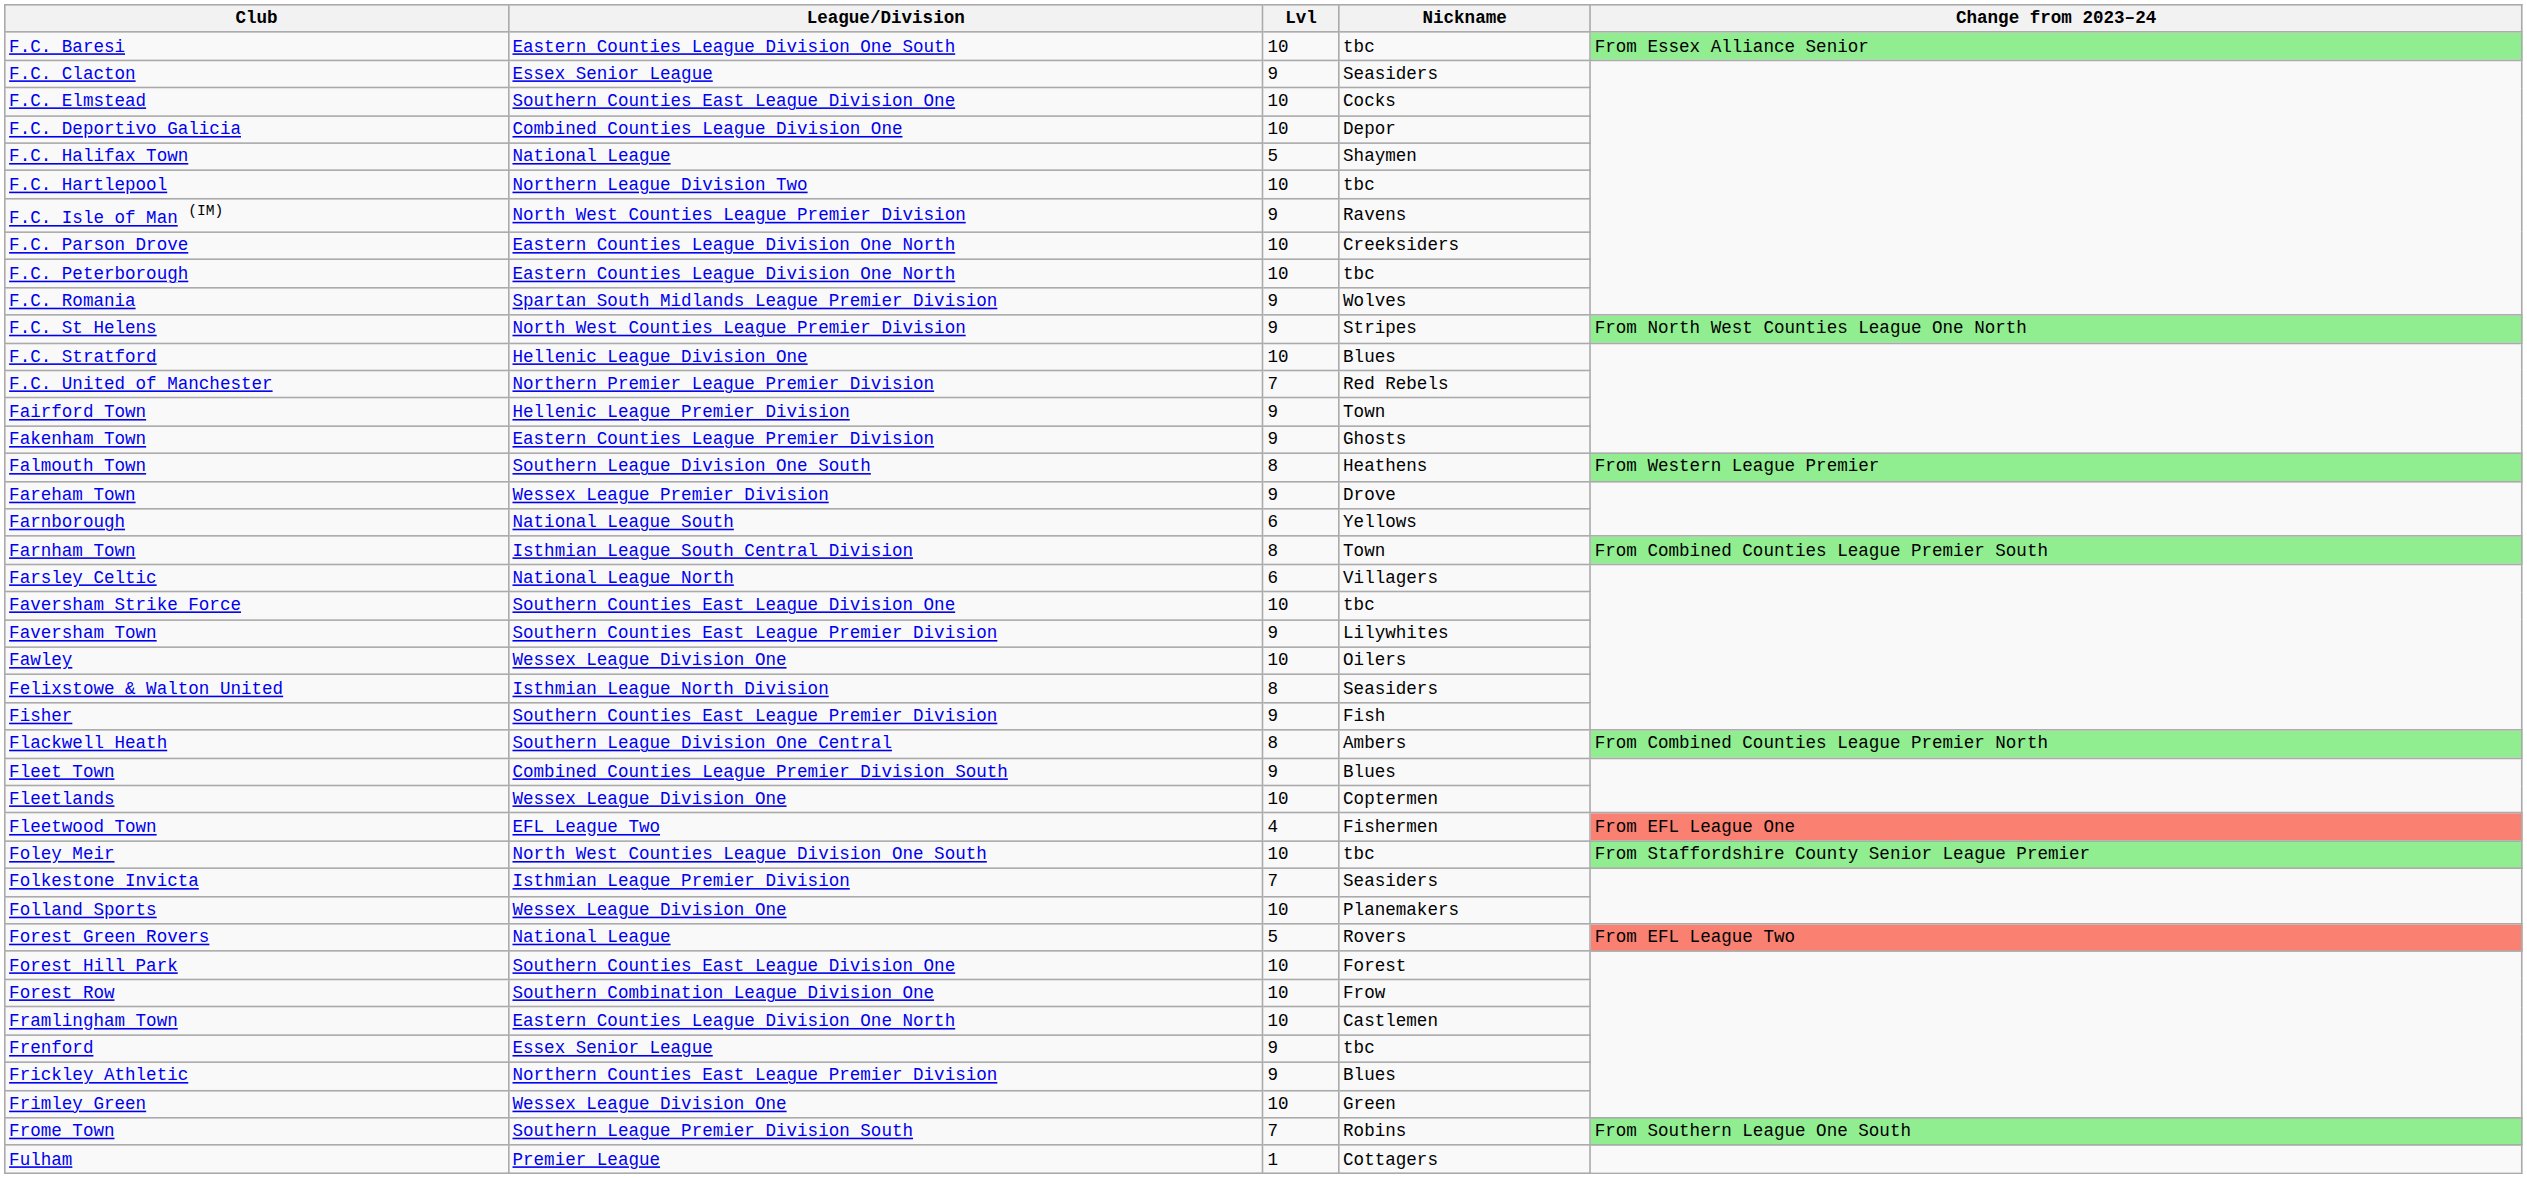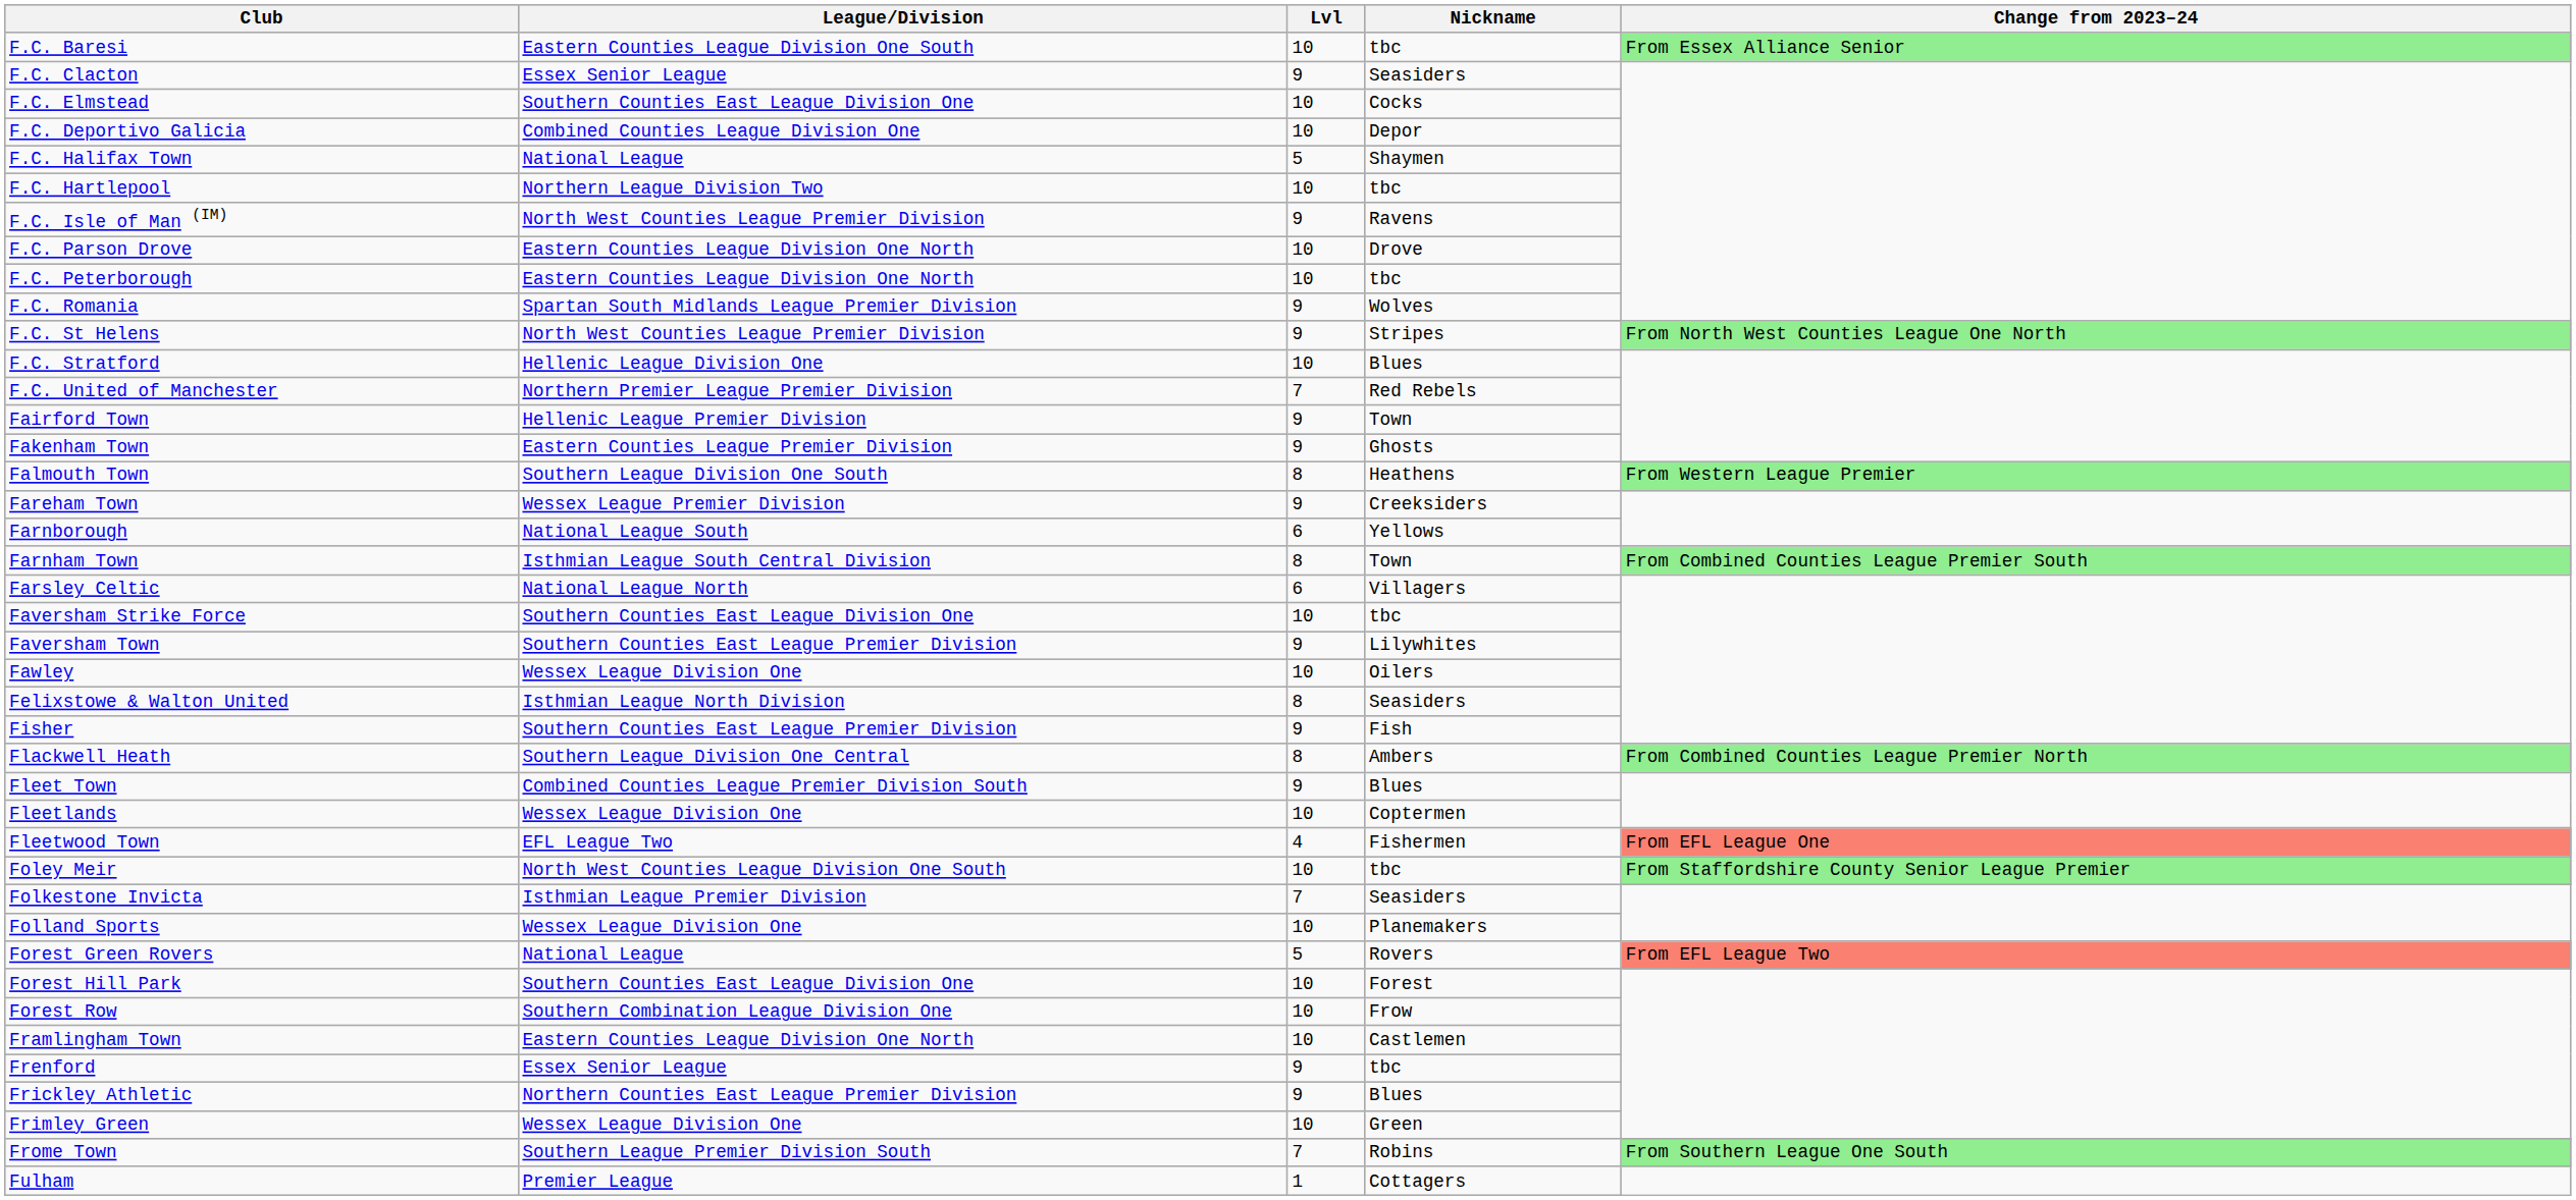 <table class="wikitable sortable" width=100% style="font-size:85%">
 <tr>
 <th width=20%>Club</th>
 <th width=30%>League/Division</th>
 <th width=3%>Lvl</th>
 <th width=10%>Nickname</th>
 <th width=37%>Change from 2023–24</th>
 </tr>
 <tr>
 <td><a href='#'>F.C. Baresi</a></td>
 <td><a href='#'>Eastern Counties League Division One South</a></td>
 <td>10</td>
 <td>tbc</td>
 <td style="background:lightgreen">From Essex Alliance Senior</td>
 </tr>
 <tr>
 <td><a href='#'>F.C. Clacton</a></td>
 <td><a href='#'>Essex Senior League</a></td>
 <td>9</td>
 <td>Seasiders</td>
 </tr>
 <tr>
 <td><a href='#'>F.C. Elmstead</a></td>
 <td><a href='#'>Southern Counties East League Division One</a></td>
 <td>10</td>
 <td>Cocks</td>
 </tr>
 <tr>
 <td><a href='#'>F.C. Deportivo Galicia</a></td>
 <td><a href='#'>Combined Counties League Division One</a></td>
 <td>10</td>
 <td>Depor</td>
 </tr>
 <tr>
 <td><a href='#'>F.C. Halifax Town</a></td>
 <td><a href='#'>National League</a></td>
 <td>5</td>
 <td>Shaymen</td>
 </tr>
 <tr>
 <td><a href='#'>F.C. Hartlepool</a></td>
 <td><a href='#'>Northern League Division Two</a></td>
 <td>10</td>
 <td>tbc</td>
 </tr>
 <tr>
 <td><a href='#'>F.C. Isle of Man</a> <sup>(IM)</sup></td>
 <td><a href='#'>North West Counties League Premier Division</a></td>
 <td>9</td>
 <td>Ravens</td>
 </tr>
 <tr>
 <td><a href='#'>F.C. Parson Drove</a></td>
 <td><a href='#'>Eastern Counties League Division One North</a></td>
 <td>10</td>
-<td>Creeksiders</td>
+<td>Drove</td>
 </tr>
 <tr>
 <td><a href='#'>F.C. Peterborough</a></td>
 <td><a href='#'>Eastern Counties League Division One North</a></td>
 <td>10</td>
 <td>tbc</td>
 </tr>
 <tr>
 <td><a href='#'>F.C. Romania</a></td>
 <td><a href='#'>Spartan South Midlands League Premier Division</a></td>
 <td>9</td>
 <td>Wolves</td>
 </tr>
 <tr>
 <td><a href='#'>F.C. St Helens</a></td>
 <td><a href='#'>North West Counties League Premier Division</a></td>
 <td>9</td>
 <td>Stripes</td>
 <td style="background:lightgreen">From North West Counties League One North</td>
 </tr>
 <tr>
 <td><a href='#'>F.C. Stratford</a></td>
 <td><a href='#'>Hellenic League Division One</a></td>
 <td>10</td>
 <td>Blues</td>
 </tr>
 <tr>
 <td><a href='#'>F.C. United of Manchester</a></td>
 <td><a href='#'>Northern Premier League Premier Division</a></td>
 <td>7</td>
 <td>Red Rebels</td>
 </tr>
 <tr>
 <td><a href='#'>Fairford Town</a></td>
 <td><a href='#'>Hellenic League Premier Division</a></td>
 <td>9</td>
 <td>Town</td>
 </tr>
 <tr>
 <td><a href='#'>Fakenham Town</a></td>
 <td><a href='#'>Eastern Counties League Premier Division</a></td>
 <td>9</td>
 <td>Ghosts</td>
 </tr>
 <tr>
 <td><a href='#'>Falmouth Town</a></td>
 <td><a href='#'>Southern League Division One South</a></td>
 <td>8</td>
 <td>Heathens</td>
 <td style="background:lightgreen">From Western League Premier</td>
 </tr>
 <tr>
 <td><a href='#'>Fareham Town</a></td>
 <td><a href='#'>Wessex League Premier Division</a></td>
 <td>9</td>
-<td>Drove</td>
+<td>Creeksiders</td>
 </tr>
 <tr>
 <td><a href='#'>Farnborough</a></td>
 <td><a href='#'>National League South</a></td>
 <td>6</td>
 <td>Yellows</td>
 </tr>
 <tr>
 <td><a href='#'>Farnham Town</a></td>
 <td><a href='#'>Isthmian League South Central Division</a></td>
 <td>8</td>
 <td>Town</td>
 <td style="background:lightgreen">From Combined Counties League Premier South</td>
 </tr>
 <tr>
 <td><a href='#'>Farsley Celtic</a></td>
 <td><a href='#'>National League North</a></td>
 <td>6</td>
 <td>Villagers</td>
 </tr>
 <tr>
 <td><a href='#'>Faversham Strike Force</a></td>
 <td><a href='#'>Southern Counties East League Division One</a></td>
 <td>10</td>
 <td>tbc</td>
 </tr>
 <tr>
 <td><a href='#'>Faversham Town</a></td>
 <td><a href='#'>Southern Counties East League Premier Division</a></td>
 <td>9</td>
 <td>Lilywhites</td>
 </tr>
 <tr>
 <td><a href='#'>Fawley</a></td>
 <td><a href='#'>Wessex League Division One</a></td>
 <td>10</td>
 <td>Oilers</td>
 </tr>
 <tr>
 <td><a href='#'>Felixstowe & Walton United</a></td>
 <td><a href='#'>Isthmian League North Division</a></td>
 <td>8</td>
 <td>Seasiders</td>
 </tr>
 <tr>
 <td><a href='#'>Fisher</a></td>
 <td><a href='#'>Southern Counties East League Premier Division</a></td>
 <td>9</td>
 <td>Fish</td>
 </tr>
 <tr>
 <td><a href='#'>Flackwell Heath</a></td>
 <td><a href='#'>Southern League Division One Central</a></td>
 <td>8</td>
 <td>Ambers</td>
 <td style="background:lightgreen">From Combined Counties League Premier North</td>
 </tr>
 <tr>
 <td><a href='#'>Fleet Town</a></td>
 <td><a href='#'>Combined Counties League Premier Division South</a></td>
 <td>9</td>
 <td>Blues</td>
 </tr>
 <tr>
 <td><a href='#'>Fleetlands</a></td>
 <td><a href='#'>Wessex League Division One</a></td>
 <td>10</td>
 <td>Coptermen</td>
 </tr>
 <tr>
 <td><a href='#'>Fleetwood Town</a></td>
 <td><a href='#'>EFL League Two</a></td>
 <td>4</td>
 <td>Fishermen</td>
 <td style="background:salmon">From EFL League One</td>
 </tr>
 <tr>
 <td><a href='#'>Foley Meir</a></td>
 <td><a href='#'>North West Counties League Division One South</a></td>
 <td>10</td>
 <td>tbc</td>
 <td style="background:lightgreen">From Staffordshire County Senior League Premier</td>
 </tr>
 <tr>
 <td><a href='#'>Folkestone Invicta</a></td>
 <td><a href='#'>Isthmian League Premier Division</a></td>
 <td>7</td>
 <td>Seasiders</td>
 </tr>
 <tr>
 <td><a href='#'>Folland Sports</a></td>
 <td><a href='#'>Wessex League Division One</a></td>
 <td>10</td>
 <td>Planemakers</td>
 </tr>
 <tr>
 <td><a href='#'>Forest Green Rovers</a></td>
 <td><a href='#'>National League</a></td>
 <td>5</td>
 <td>Rovers</td>
 <td style="background:salmon">From EFL League Two</td>
 </tr>
 <tr>
 <td><a href='#'>Forest Hill Park</a></td>
 <td><a href='#'>Southern Counties East League Division One</a></td>
 <td>10</td>
 <td>Forest</td>
 </tr>
 <tr>
 <td><a href='#'>Forest Row</a></td>
 <td><a href='#'>Southern Combination League Division One</a></td>
 <td>10</td>
 <td>Frow</td>
 </tr>
 <tr>
 <td><a href='#'>Framlingham Town</a></td>
 <td><a href='#'>Eastern Counties League Division One North</a></td>
 <td>10</td>
 <td>Castlemen</td>
 </tr>
 <tr>
 <td><a href='#'>Frenford</a></td>
 <td><a href='#'>Essex Senior League</a></td>
 <td>9</td>
 <td>tbc</td>
 </tr>
 <tr>
 <td><a href='#'>Frickley Athletic</a></td>
 <td><a href='#'>Northern Counties East League Premier Division</a></td>
 <td>9</td>
 <td>Blues</td>
 </tr>
 <tr>
 <td><a href='#'>Frimley Green</a></td>
 <td><a href='#'>Wessex League Division One</a></td>
 <td>10</td>
 <td>Green</td>
 </tr>
 <tr>
 <td><a href='#'>Frome Town</a></td>
 <td><a href='#'>Southern League Premier Division South</a></td>
 <td>7</td>
 <td>Robins</td>
 <td style="background:lightgreen">From Southern League One South</td>
 </tr>
 <tr>
 <td><a href='#'>Fulham</a></td>
 <td><a href='#'>Premier League</a></td>
 <td>1</td>
 <td>Cottagers</td>
 </tr>
 <tr>
 </tr>
 </table>
